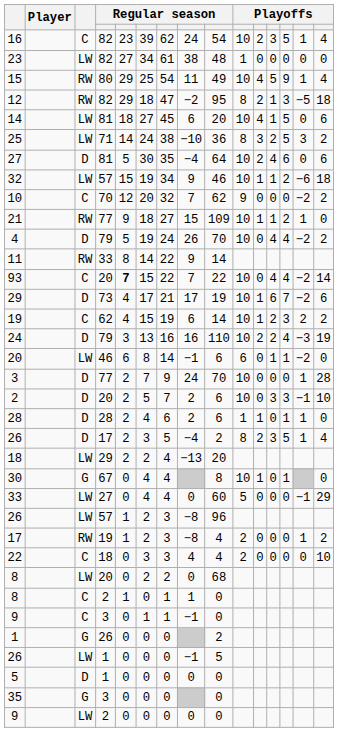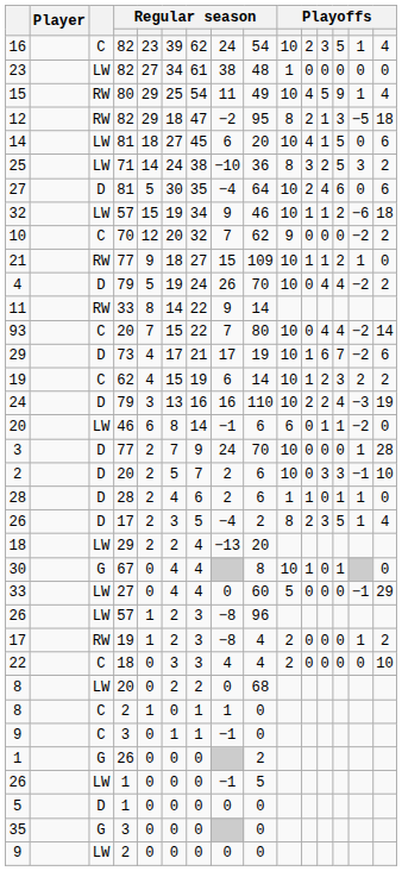 <table class="wikitable sortable plainrowheaders" style="text-align:center;">
 <tr>
 <th scope="col" data-sort-type="number" rowspan="2"></th>
 <th scope="col" rowspan="2">Player</th>
 <th scope="col" rowspan="2"></th>
 <th scope=colgroup colspan=6>Regular season</th>
 <th scope=colgroup colspan=6>Playoffs</th>
 </tr>
 <tr>
 <th scope="col" data-sort-type="number"></th>
 <th scope="col" data-sort-type="number"></th>
 <th scope="col" data-sort-type="number"></th>
 <th scope="col" data-sort-type="number"></th>
 <th scope="col" data-sort-type="number"></th>
 <th scope="col" data-sort-type="number"></th>
 <th scope="col" data-sort-type="number"></th>
 <th scope="col" data-sort-type="number"></th>
 <th scope="col" data-sort-type="number"></th>
 <th scope="col" data-sort-type="number"></th>
 <th scope="col" data-sort-type="number"></th>
 <th scope="col" data-sort-type="number"></th>
 </tr>
 <tr>
 <td scope="row">16</td>
 <td align="left"></td>
 <td>C</td>
 <td>82</td>
 <td>23</td>
 <td>39</td>
 <td>62</td>
 <td>24</td>
 <td>54</td>
 <td>10</td>
 <td>2</td>
 <td>3</td>
 <td>5</td>
 <td>1</td>
 <td>4</td>
 </tr>
 <tr>
 <td scope="row">23</td>
 <td align="left"></td>
 <td>LW</td>
 <td>82</td>
 <td>27</td>
 <td>34</td>
 <td>61</td>
 <td>38</td>
 <td>48</td>
 <td>1</td>
 <td>0</td>
 <td>0</td>
 <td>0</td>
 <td>0</td>
 <td>0</td>
 </tr>
 <tr>
 <td scope="row">15</td>
 <td align="left"></td>
 <td>RW</td>
 <td>80</td>
 <td>29</td>
 <td>25</td>
 <td>54</td>
 <td>11</td>
 <td>49</td>
 <td>10</td>
 <td>4</td>
 <td>5</td>
 <td>9</td>
 <td>1</td>
 <td>4</td>
 </tr>
 <tr>
 <td scope="row">12</td>
 <td align="left"></td>
 <td>RW</td>
 <td>82</td>
 <td>29</td>
 <td>18</td>
 <td>47</td>
 <td>−2</td>
 <td>95</td>
 <td>8</td>
 <td>2</td>
 <td>1</td>
 <td>3</td>
 <td>−5</td>
 <td>18</td>
 </tr>
 <tr>
 <td scope="row">14</td>
 <td align="left"></td>
 <td>LW</td>
 <td>81</td>
 <td>18</td>
 <td>27</td>
 <td>45</td>
 <td>6</td>
 <td>20</td>
 <td>10</td>
 <td>4</td>
 <td>1</td>
 <td>5</td>
 <td>0</td>
 <td>6</td>
 </tr>
 <tr>
 <td scope="row">25</td>
 <td align="left"></td>
 <td>LW</td>
 <td>71</td>
 <td>14</td>
 <td>24</td>
 <td>38</td>
 <td>−10</td>
 <td>36</td>
 <td>8</td>
 <td>3</td>
 <td>2</td>
 <td>5</td>
 <td>3</td>
 <td>2</td>
 </tr>
 <tr>
 <td scope="row">27</td>
 <td align="left"></td>
 <td>D</td>
 <td>81</td>
 <td>5</td>
 <td>30</td>
 <td>35</td>
 <td>−4</td>
 <td>64</td>
 <td>10</td>
 <td>2</td>
 <td>4</td>
 <td>6</td>
 <td>0</td>
 <td>6</td>
 </tr>
 <tr>
 <td scope="row">32</td>
 <td align="left"></td>
 <td>LW</td>
 <td>57</td>
 <td>15</td>
 <td>19</td>
 <td>34</td>
 <td>9</td>
 <td>46</td>
 <td>10</td>
 <td>1</td>
 <td>1</td>
 <td>2</td>
 <td>−6</td>
 <td>18</td>
 </tr>
 <tr>
 <td scope="row">10</td>
 <td align="left"></td>
 <td>C</td>
 <td>70</td>
 <td>12</td>
 <td>20</td>
 <td>32</td>
 <td>7</td>
 <td>62</td>
 <td>9</td>
 <td>0</td>
 <td>0</td>
 <td>0</td>
 <td>−2</td>
 <td>2</td>
 </tr>
 <tr>
 <td scope="row">21</td>
 <td align="left"></td>
 <td>RW</td>
 <td>77</td>
 <td>9</td>
 <td>18</td>
 <td>27</td>
 <td>15</td>
 <td>109</td>
 <td>10</td>
 <td>1</td>
 <td>1</td>
 <td>2</td>
 <td>1</td>
 <td>0</td>
 </tr>
 <tr>
 <td scope="row">4</td>
 <td align="left"></td>
 <td>D</td>
 <td>79</td>
 <td>5</td>
 <td>19</td>
 <td>24</td>
 <td>26</td>
 <td>70</td>
 <td>10</td>
 <td>0</td>
 <td>4</td>
 <td>4</td>
 <td>−2</td>
 <td>2</td>
 </tr>
 <tr>
 <td scope="row">11</td>
 <td align="left"></td>
 <td>RW</td>
 <td>33</td>
 <td>8</td>
 <td>14</td>
 <td>22</td>
 <td>9</td>
 <td>14</td>
 <td></td>
 <td></td>
 <td></td>
 <td></td>
 <td></td>
 <td></td>
 </tr>
 <tr>
 <td scope="row">93</td>
 <td align="left"></td>
 <td>C</td>
 <td>20</td>
-<td><strong>7</strong></td>
+<td>7</td>
 <td>15</td>
 <td>22</td>
 <td>7</td>
-<td>22</td>
+<td>80</td>
 <td>10</td>
 <td>0</td>
 <td>4</td>
 <td>4</td>
 <td>−2</td>
 <td>14</td>
 </tr>
 <tr>
 <td scope="row">29</td>
 <td align="left"></td>
 <td>D</td>
 <td>73</td>
 <td>4</td>
 <td>17</td>
 <td>21</td>
 <td>17</td>
 <td>19</td>
 <td>10</td>
 <td>1</td>
 <td>6</td>
 <td>7</td>
 <td>−2</td>
 <td>6</td>
 </tr>
 <tr>
 <td scope="row">19</td>
 <td align="left"></td>
 <td>C</td>
 <td>62</td>
 <td>4</td>
 <td>15</td>
 <td>19</td>
 <td>6</td>
 <td>14</td>
 <td>10</td>
 <td>1</td>
 <td>2</td>
 <td>3</td>
 <td>2</td>
 <td>2</td>
 </tr>
 <tr>
 <td scope="row">24</td>
 <td align="left"></td>
 <td>D</td>
 <td>79</td>
 <td>3</td>
 <td>13</td>
 <td>16</td>
 <td>16</td>
 <td>110</td>
 <td>10</td>
 <td>2</td>
 <td>2</td>
 <td>4</td>
 <td>−3</td>
 <td>19</td>
 </tr>
 <tr>
 <td scope="row">20</td>
 <td align="left"></td>
 <td>LW</td>
 <td>46</td>
 <td>6</td>
 <td>8</td>
 <td>14</td>
 <td>−1</td>
 <td>6</td>
 <td>6</td>
 <td>0</td>
 <td>1</td>
 <td>1</td>
 <td>−2</td>
 <td>0</td>
 </tr>
 <tr>
 <td scope="row">3</td>
 <td align="left"></td>
 <td>D</td>
 <td>77</td>
 <td>2</td>
 <td>7</td>
 <td>9</td>
 <td>24</td>
 <td>70</td>
 <td>10</td>
 <td>0</td>
 <td>0</td>
 <td>0</td>
 <td>1</td>
 <td>28</td>
 </tr>
 <tr>
 <td scope="row">2</td>
 <td align="left"></td>
 <td>D</td>
 <td>20</td>
 <td>2</td>
 <td>5</td>
 <td>7</td>
 <td>2</td>
 <td>6</td>
 <td>10</td>
 <td>0</td>
 <td>3</td>
 <td>3</td>
 <td>−1</td>
 <td>10</td>
 </tr>
 <tr>
 <td scope="row">28</td>
 <td align="left"></td>
 <td>D</td>
 <td>28</td>
 <td>2</td>
 <td>4</td>
 <td>6</td>
 <td>2</td>
 <td>6</td>
 <td>1</td>
 <td>1</td>
 <td>0</td>
 <td>1</td>
 <td>1</td>
 <td>0</td>
 </tr>
 <tr>
 <td scope="row">26</td>
 <td align="left"></td>
 <td>D</td>
 <td>17</td>
 <td>2</td>
 <td>3</td>
 <td>5</td>
 <td>−4</td>
 <td>2</td>
 <td>8</td>
 <td>2</td>
 <td>3</td>
 <td>5</td>
 <td>1</td>
 <td>4</td>
 </tr>
 <tr>
 <td scope="row">18</td>
 <td align="left"></td>
 <td>LW</td>
 <td>29</td>
 <td>2</td>
 <td>2</td>
 <td>4</td>
 <td>−13</td>
 <td>20</td>
 <td></td>
 <td></td>
 <td></td>
 <td></td>
 <td></td>
 <td></td>
 </tr>
 <tr>
 <td scope="row">30</td>
 <td align="left"></td>
 <td>G</td>
 <td>67</td>
 <td>0</td>
 <td>4</td>
 <td>4</td>
 <td style="background:#ccc"></td>
 <td>8</td>
 <td>10</td>
 <td>1</td>
 <td>0</td>
 <td>1</td>
 <td style="background:#ccc"></td>
 <td>0</td>
 </tr>
 <tr>
 <td scope="row">33</td>
 <td align="left"></td>
 <td>LW</td>
 <td>27</td>
 <td>0</td>
 <td>4</td>
 <td>4</td>
 <td>0</td>
 <td>60</td>
 <td>5</td>
 <td>0</td>
 <td>0</td>
 <td>0</td>
 <td>−1</td>
 <td>29</td>
 </tr>
 <tr>
 <td scope="row">26</td>
 <td align="left"></td>
 <td>LW</td>
 <td>57</td>
 <td>1</td>
 <td>2</td>
 <td>3</td>
 <td>−8</td>
 <td>96</td>
 <td></td>
 <td></td>
 <td></td>
 <td></td>
 <td></td>
 <td></td>
 </tr>
 <tr>
 <td scope="row">17</td>
 <td align="left"></td>
 <td>RW</td>
 <td>19</td>
 <td>1</td>
 <td>2</td>
 <td>3</td>
 <td>−8</td>
 <td>4</td>
 <td>2</td>
 <td>0</td>
 <td>0</td>
 <td>0</td>
 <td>1</td>
 <td>2</td>
 </tr>
 <tr>
 <td scope="row">22</td>
 <td align="left"></td>
 <td>C</td>
 <td>18</td>
 <td>0</td>
 <td>3</td>
 <td>3</td>
 <td>4</td>
 <td>4</td>
 <td>2</td>
 <td>0</td>
 <td>0</td>
 <td>0</td>
 <td>0</td>
 <td>10</td>
 </tr>
 <tr>
 <td scope="row">8</td>
 <td align="left"></td>
 <td>LW</td>
 <td>20</td>
 <td>0</td>
 <td>2</td>
 <td>2</td>
 <td>0</td>
 <td>68</td>
 <td></td>
 <td></td>
 <td></td>
 <td></td>
 <td></td>
 <td></td>
 </tr>
 <tr>
 <td scope="row">8</td>
 <td align="left"></td>
 <td>C</td>
 <td>2</td>
 <td>1</td>
 <td>0</td>
 <td>1</td>
 <td>1</td>
 <td>0</td>
 <td></td>
 <td></td>
 <td></td>
 <td></td>
 <td></td>
 <td></td>
 </tr>
 <tr>
 <td scope="row">9</td>
 <td align="left"></td>
 <td>C</td>
 <td>3</td>
 <td>0</td>
 <td>1</td>
 <td>1</td>
 <td>−1</td>
 <td>0</td>
 <td></td>
 <td></td>
 <td></td>
 <td></td>
 <td></td>
 <td></td>
 </tr>
 <tr>
 <td scope="row">1</td>
 <td align="left"></td>
 <td>G</td>
 <td>26</td>
 <td>0</td>
 <td>0</td>
 <td>0</td>
 <td style="background:#ccc"></td>
 <td>2</td>
 <td></td>
 <td></td>
 <td></td>
 <td></td>
 <td></td>
 <td></td>
 </tr>
 <tr>
 <td scope="row">26</td>
 <td align="left"></td>
 <td>LW</td>
 <td>1</td>
 <td>0</td>
 <td>0</td>
 <td>0</td>
 <td>−1</td>
 <td>5</td>
 <td></td>
 <td></td>
 <td></td>
 <td></td>
 <td></td>
 <td></td>
 </tr>
 <tr>
 <td scope="row">5</td>
 <td align="left"></td>
 <td>D</td>
 <td>1</td>
 <td>0</td>
 <td>0</td>
 <td>0</td>
 <td>0</td>
 <td>0</td>
 <td></td>
 <td></td>
 <td></td>
 <td></td>
 <td></td>
 <td></td>
 </tr>
 <tr>
 <td scope="row">35</td>
 <td align="left"></td>
 <td>G</td>
 <td>3</td>
 <td>0</td>
 <td>0</td>
 <td>0</td>
 <td style="background:#ccc"></td>
 <td>0</td>
 <td></td>
 <td></td>
 <td></td>
 <td></td>
 <td></td>
 <td></td>
 </tr>
 <tr>
 <td scope="row">9</td>
 <td align="left"></td>
 <td>LW</td>
 <td>2</td>
 <td>0</td>
 <td>0</td>
 <td>0</td>
 <td>0</td>
 <td>0</td>
 <td></td>
 <td></td>
 <td></td>
 <td></td>
 <td></td>
 <td></td>
 </tr>
 </table>
